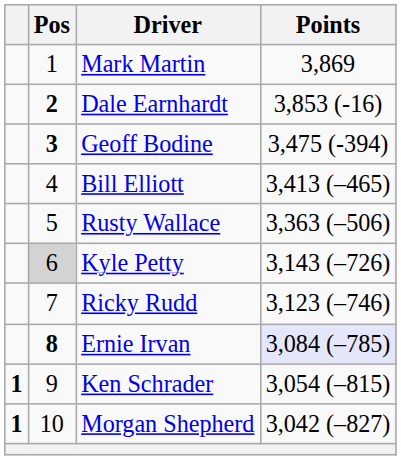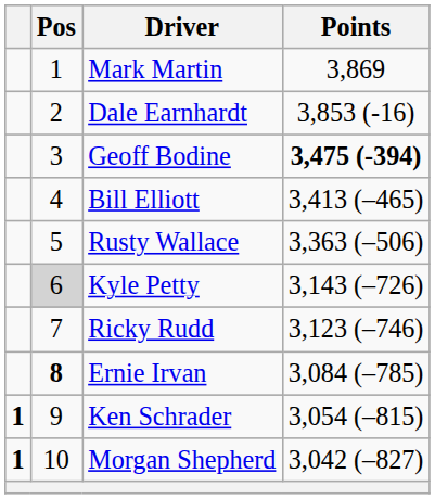 <table class="wikitable" style="font-size: 95%;">
 <tr>
 <th></th>
 <th>Pos</th>
 <th>Driver</th>
 <th>Points</th>
 </tr>
 <tr>
 <td align="left"></td>
 <td style="text-align:center;">1</td>
 <td><a href='#'>Mark Martin</a></td>
 <td style="text-align:center;">3,869</td>
 </tr>
 <tr>
 <td align="left"></td>
-<td style="text-align:center;"><strong>2</strong></td>
+<td style="text-align:center;">2</td>
 <td><a href='#'>Dale Earnhardt</a></td>
 <td style="text-align:center;">3,853 (-16)</td>
 </tr>
 <tr>
 <td align="left"></td>
-<td style="text-align:center;"><strong>3</strong></td>
+<td style="text-align:center;">3</td>
 <td><a href='#'>Geoff Bodine</a></td>
-<td style="text-align:center;">3,475 (-394)</td>
+<td style="text-align:center;"><strong>3,475 (-394)</strong></td>
 </tr>
 <tr>
 <td align="left"></td>
 <td style="text-align:center;">4</td>
 <td><a href='#'>Bill Elliott</a></td>
 <td style="text-align:center;">3,413 (–465)</td>
 </tr>
 <tr>
 <td align="left"></td>
 <td style="text-align:center;">5</td>
 <td><a href='#'>Rusty Wallace</a></td>
 <td style="text-align:center;">3,363 (–506)</td>
 </tr>
 <tr>
 <td align="left"></td>
 <td style="background: lightgrey; text-align:center;">6</td>
 <td><a href='#'>Kyle Petty</a></td>
 <td style="text-align:center;">3,143 (–726)</td>
 </tr>
 <tr>
 <td align="left"></td>
 <td style="text-align:center;">7</td>
 <td><a href='#'>Ricky Rudd</a></td>
 <td style="text-align:center;">3,123 (–746)</td>
 </tr>
 <tr>
 <td align="left"></td>
 <td style="text-align:center;"><strong>8</strong></td>
 <td><a href='#'>Ernie Irvan</a></td>
-<td style="background: lavender; text-align:center;">3,084 (–785)</td>
+<td style="text-align:center;">3,084 (–785)</td>
 </tr>
 <tr>
 <td align="left">  <strong>1</strong></td>
 <td style="text-align:center;">9</td>
 <td><a href='#'>Ken Schrader</a></td>
 <td style="text-align:center;">3,054 (–815)</td>
 </tr>
 <tr>
 <td align="left">  <strong>1</strong></td>
 <td style="text-align:center;">10</td>
 <td><a href='#'>Morgan Shepherd</a></td>
 <td style="text-align:center;">3,042 (–827)</td>
 </tr>
 <tr class="sortbottom">
 <th colspan="9"></th>
 </tr>
 </table>
